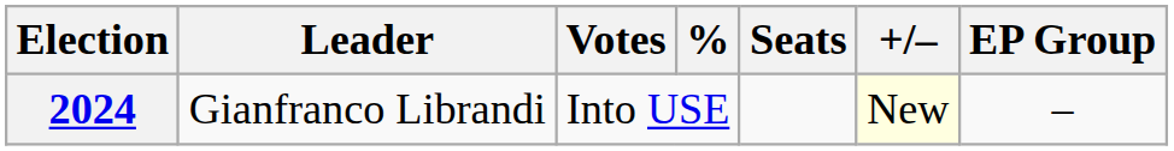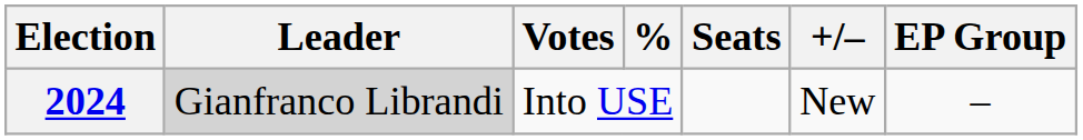 <table class="wikitable" style="text-align:center">
 <tr>
 <th>Election</th>
 <th>Leader</th>
 <th>Votes</th>
 <th>%</th>
 <th>Seats</th>
 <th>+/–</th>
 <th>EP Group</th>
 </tr>
 <tr>
 <th><a href='#'>2024</a></th>
-<td>Gianfranco Librandi</td>
+<td style="background: lightgrey;">Gianfranco Librandi</td>
 <td colspan="2">Into <a href='#'>USE</a></td>
 <td></td>
-<td style="background: lightyellow;">New</td>
+<td>New</td>
 <td>–</td>
 </tr>
 </table>
